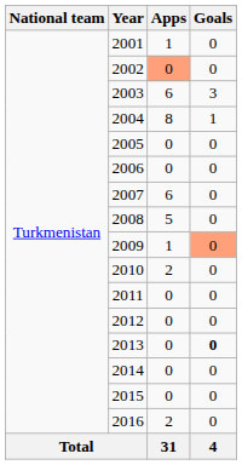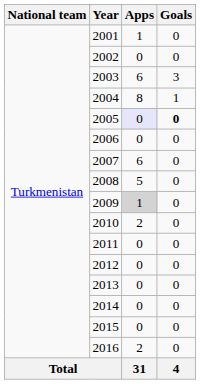 <table class="wikitable" style="text-align:center">
 <tr>
 <th>National team</th>
 <th>Year</th>
 <th>Apps</th>
 <th>Goals</th>
 </tr>
 <tr>
 <td rowspan="16"><a href='#'>Turkmenistan</a></td>
 <td>2001</td>
 <td>1</td>
 <td>0</td>
 </tr>
 <tr>
 <td>2002</td>
-<td style="background: lightsalmon;">0</td>
+<td>0</td>
 <td>0</td>
 </tr>
 <tr>
 <td>2003</td>
 <td>6</td>
 <td>3</td>
 </tr>
 <tr>
 <td>2004</td>
 <td>8</td>
 <td>1</td>
 </tr>
 <tr>
 <td>2005</td>
-<td>0</td>
-<td>0</td>
+<td style="background: lavender;">0</td>
+<td><strong>0</strong></td>
 </tr>
 <tr>
 <td>2006</td>
 <td>0</td>
 <td>0</td>
 </tr>
 <tr>
 <td>2007</td>
 <td>6</td>
 <td>0</td>
 </tr>
 <tr>
 <td>2008</td>
 <td>5</td>
 <td>0</td>
 </tr>
 <tr>
 <td>2009</td>
-<td>1</td>
-<td style="background: lightsalmon;">0</td>
+<td style="background: lightgrey;">1</td>
+<td>0</td>
 </tr>
 <tr>
 <td>2010</td>
 <td>2</td>
 <td>0</td>
 </tr>
 <tr>
 <td>2011</td>
 <td>0</td>
 <td>0</td>
 </tr>
 <tr>
 <td>2012</td>
 <td>0</td>
 <td>0</td>
 </tr>
 <tr>
 <td>2013</td>
 <td>0</td>
-<td><strong>0</strong></td>
+<td>0</td>
 </tr>
 <tr>
 <td>2014</td>
 <td>0</td>
 <td>0</td>
 </tr>
 <tr>
 <td>2015</td>
 <td>0</td>
 <td>0</td>
 </tr>
 <tr>
 <td>2016</td>
 <td>2</td>
 <td>0</td>
 </tr>
 <tr>
 <th colspan="2">Total</th>
 <th>31</th>
 <th>4</th>
 </tr>
 </table>
